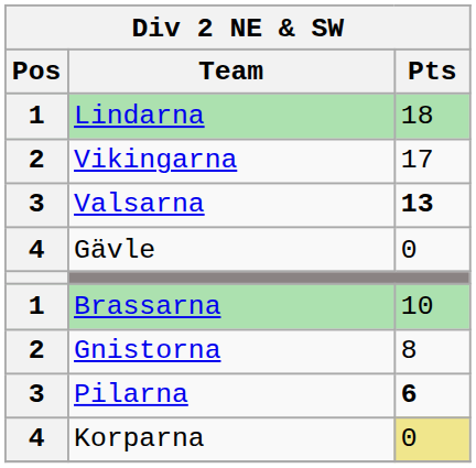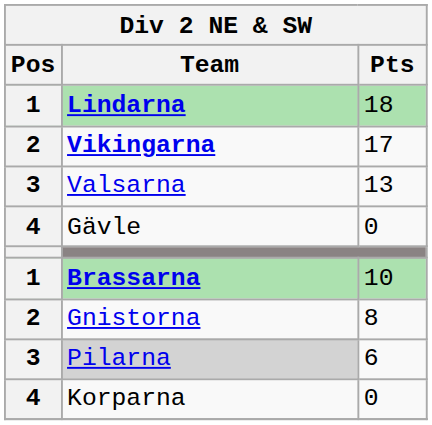 <table class="wikitable">
 <tr>
 <th colspan="3">Div 2 NE & SW</th>
 </tr>
 <tr>
 <th width=20>Pos</th>
 <th width=150>Team</th>
 <th width=30>Pts</th>
 </tr>
 <tr style="background:#ACE1AF;">
 <th>1</th>
-<td><a href='#'>Lindarna</a></td>
+<td><strong><a href='#'>Lindarna</a></strong></td>
 <td>18</td>
 </tr>
 <tr>
 <th>2</th>
-<td><a href='#'>Vikingarna</a></td>
+<td><strong><a href='#'>Vikingarna</a></strong></td>
 <td>17</td>
 </tr>
 <tr>
 <th>3</th>
 <td><a href='#'>Valsarna</a></td>
-<td><strong>13</strong></td>
+<td>13</td>
 </tr>
 <tr>
 <th>4</th>
 <td>Gävle</td>
 <td>0</td>
 </tr>
 <tr>
 <th></th>
 <td style="background:#8a8383;" colspan=2></td>
 </tr>
 <tr style="background:#ACE1AF;">
 <th>1</th>
-<td><a href='#'>Brassarna</a></td>
+<td><strong><a href='#'>Brassarna</a></strong></td>
 <td>10</td>
 </tr>
 <tr>
 <th>2</th>
 <td><a href='#'>Gnistorna</a></td>
 <td>8</td>
 </tr>
 <tr>
 <th>3</th>
-<td><a href='#'>Pilarna</a></td>
-<td><strong>6</strong></td>
+<td style="background: lightgrey;"><a href='#'>Pilarna</a></td>
+<td>6</td>
 </tr>
 <tr>
 <th>4</th>
 <td>Korparna</td>
-<td style="background: khaki;">0</td>
+<td>0</td>
 </tr>
 <tr>
 </tr>
 </table>
